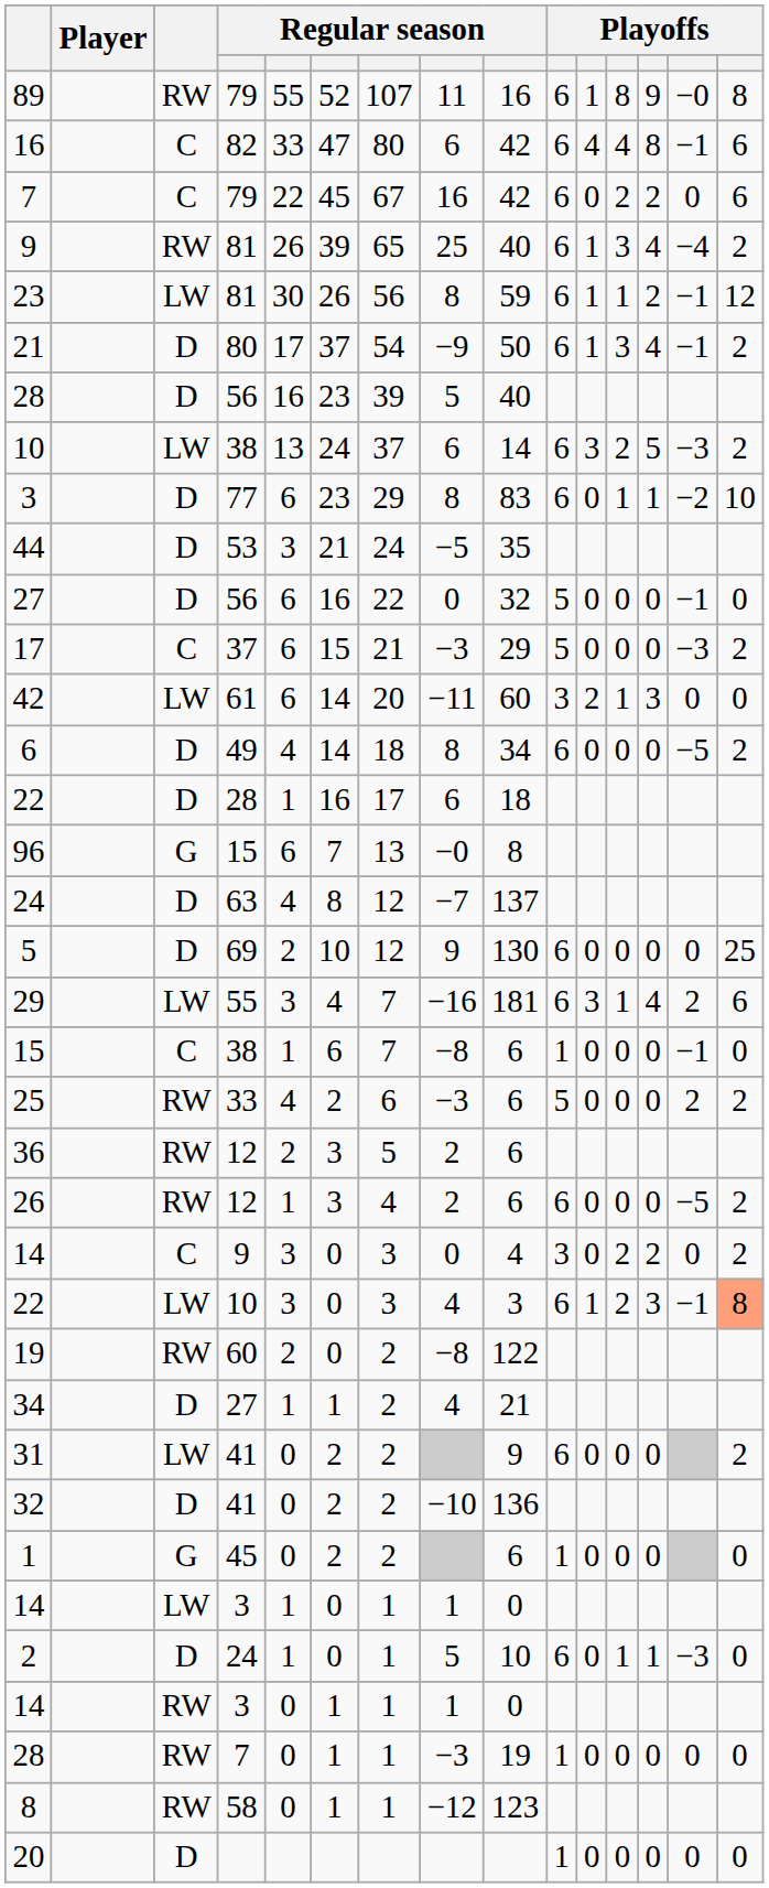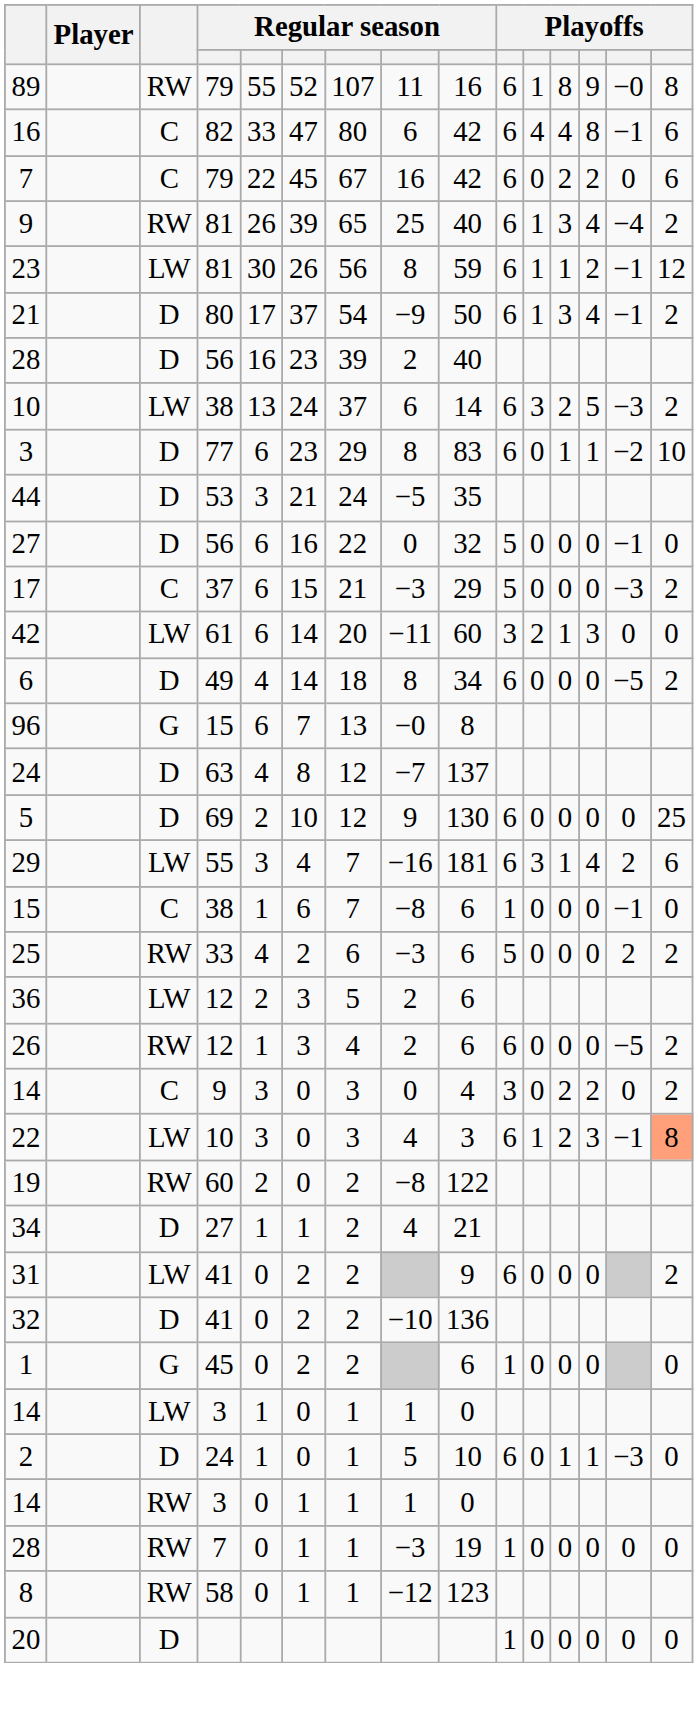 <table class="wikitable sortable plainrowheaders" style="text-align:center;">
 <tr>
 <th scope="col" data-sort-type="number" rowspan="2"></th>
 <th scope="col" rowspan="2">Player</th>
 <th scope="col" rowspan="2"></th>
 <th scope=colgroup colspan=6>Regular season</th>
 <th scope=colgroup colspan=6>Playoffs</th>
 </tr>
 <tr>
 <th scope="col" data-sort-type="number"></th>
 <th scope="col" data-sort-type="number"></th>
 <th scope="col" data-sort-type="number"></th>
 <th scope="col" data-sort-type="number"></th>
 <th scope="col" data-sort-type="number"></th>
 <th scope="col" data-sort-type="number"></th>
 <th scope="col" data-sort-type="number"></th>
 <th scope="col" data-sort-type="number"></th>
 <th scope="col" data-sort-type="number"></th>
 <th scope="col" data-sort-type="number"></th>
 <th scope="col" data-sort-type="number"></th>
 <th scope="col" data-sort-type="number"></th>
 </tr>
 <tr>
 <td scope="row">89</td>
 <td align="left"></td>
 <td>RW</td>
 <td>79</td>
 <td>55</td>
 <td>52</td>
 <td>107</td>
 <td>11</td>
 <td>16</td>
 <td>6</td>
 <td>1</td>
 <td>8</td>
 <td>9</td>
 <td>−0</td>
 <td>8</td>
 </tr>
 <tr>
 <td scope="row">16</td>
 <td align="left"></td>
 <td>C</td>
 <td>82</td>
 <td>33</td>
 <td>47</td>
 <td>80</td>
 <td>6</td>
 <td>42</td>
 <td>6</td>
 <td>4</td>
 <td>4</td>
 <td>8</td>
 <td>−1</td>
 <td>6</td>
 </tr>
 <tr>
 <td scope="row">7</td>
 <td align="left"></td>
 <td>C</td>
 <td>79</td>
 <td>22</td>
 <td>45</td>
 <td>67</td>
 <td>16</td>
 <td>42</td>
 <td>6</td>
 <td>0</td>
 <td>2</td>
 <td>2</td>
 <td>0</td>
 <td>6</td>
 </tr>
 <tr>
 <td scope="row">9</td>
 <td align="left"></td>
 <td>RW</td>
 <td>81</td>
 <td>26</td>
 <td>39</td>
 <td>65</td>
 <td>25</td>
 <td>40</td>
 <td>6</td>
 <td>1</td>
 <td>3</td>
 <td>4</td>
 <td>−4</td>
 <td>2</td>
 </tr>
 <tr>
 <td scope="row">23</td>
 <td align="left"></td>
 <td>LW</td>
 <td>81</td>
 <td>30</td>
 <td>26</td>
 <td>56</td>
 <td>8</td>
 <td>59</td>
 <td>6</td>
 <td>1</td>
 <td>1</td>
 <td>2</td>
 <td>−1</td>
 <td>12</td>
 </tr>
 <tr>
 <td scope="row">21</td>
 <td align="left"></td>
 <td>D</td>
 <td>80</td>
 <td>17</td>
 <td>37</td>
 <td>54</td>
 <td>−9</td>
 <td>50</td>
 <td>6</td>
 <td>1</td>
 <td>3</td>
 <td>4</td>
 <td>−1</td>
 <td>2</td>
 </tr>
 <tr>
 <td scope="row">28</td>
 <td align="left"></td>
 <td>D</td>
 <td>56</td>
 <td>16</td>
 <td>23</td>
 <td>39</td>
-<td>5</td>
+<td>2</td>
 <td>40</td>
 <td></td>
 <td></td>
 <td></td>
 <td></td>
 <td></td>
 <td></td>
 </tr>
 <tr>
 <td scope="row">10</td>
 <td align="left"></td>
 <td>LW</td>
 <td>38</td>
 <td>13</td>
 <td>24</td>
 <td>37</td>
 <td>6</td>
 <td>14</td>
 <td>6</td>
 <td>3</td>
 <td>2</td>
 <td>5</td>
 <td>−3</td>
 <td>2</td>
 </tr>
 <tr>
 <td scope="row">3</td>
 <td align="left"></td>
 <td>D</td>
 <td>77</td>
 <td>6</td>
 <td>23</td>
 <td>29</td>
 <td>8</td>
 <td>83</td>
 <td>6</td>
 <td>0</td>
 <td>1</td>
 <td>1</td>
 <td>−2</td>
 <td>10</td>
 </tr>
 <tr>
 <td scope="row">44</td>
 <td align="left"></td>
 <td>D</td>
 <td>53</td>
 <td>3</td>
 <td>21</td>
 <td>24</td>
 <td>−5</td>
 <td>35</td>
 <td></td>
 <td></td>
 <td></td>
 <td></td>
 <td></td>
 <td></td>
 </tr>
 <tr>
 <td scope="row">27</td>
 <td align="left"></td>
 <td>D</td>
 <td>56</td>
 <td>6</td>
 <td>16</td>
 <td>22</td>
 <td>0</td>
 <td>32</td>
 <td>5</td>
 <td>0</td>
 <td>0</td>
 <td>0</td>
 <td>−1</td>
 <td>0</td>
 </tr>
 <tr>
 <td scope="row">17</td>
 <td align="left"></td>
 <td>C</td>
 <td>37</td>
 <td>6</td>
 <td>15</td>
 <td>21</td>
 <td>−3</td>
 <td>29</td>
 <td>5</td>
 <td>0</td>
 <td>0</td>
 <td>0</td>
 <td>−3</td>
 <td>2</td>
 </tr>
 <tr>
 <td scope="row">42</td>
 <td align="left"></td>
 <td>LW</td>
 <td>61</td>
 <td>6</td>
 <td>14</td>
 <td>20</td>
 <td>−11</td>
 <td>60</td>
 <td>3</td>
 <td>2</td>
 <td>1</td>
 <td>3</td>
 <td>0</td>
 <td>0</td>
 </tr>
 <tr>
 <td scope="row">6</td>
 <td align="left"></td>
 <td>D</td>
 <td>49</td>
 <td>4</td>
 <td>14</td>
 <td>18</td>
 <td>8</td>
 <td>34</td>
 <td>6</td>
 <td>0</td>
 <td>0</td>
 <td>0</td>
 <td>−5</td>
 <td>2</td>
 </tr>
 <tr>
-<td scope="row">22</td>
-<td align="left"></td>
-<td>D</td>
-<td>28</td>
-<td>1</td>
-<td>16</td>
-<td>17</td>
-<td>6</td>
-<td>18</td>
-<td></td>
-<td></td>
-<td></td>
-<td></td>
-<td></td>
-<td></td>
-</tr>
-<tr>
 <td scope="row">96</td>
 <td align="left"></td>
 <td>G</td>
 <td>15</td>
 <td>6</td>
 <td>7</td>
 <td>13</td>
 <td>−0</td>
 <td>8</td>
 <td></td>
 <td></td>
 <td></td>
 <td></td>
 <td></td>
 <td></td>
 </tr>
 <tr>
 <td scope="row">24</td>
 <td align="left"></td>
 <td>D</td>
 <td>63</td>
 <td>4</td>
 <td>8</td>
 <td>12</td>
 <td>−7</td>
 <td>137</td>
 <td></td>
 <td></td>
 <td></td>
 <td></td>
 <td></td>
 <td></td>
 </tr>
 <tr>
 <td scope="row">5</td>
 <td align="left"></td>
 <td>D</td>
 <td>69</td>
 <td>2</td>
 <td>10</td>
 <td>12</td>
 <td>9</td>
 <td>130</td>
 <td>6</td>
 <td>0</td>
 <td>0</td>
 <td>0</td>
 <td>0</td>
 <td>25</td>
 </tr>
 <tr>
 <td scope="row">29</td>
 <td align="left"></td>
 <td>LW</td>
 <td>55</td>
 <td>3</td>
 <td>4</td>
 <td>7</td>
 <td>−16</td>
 <td>181</td>
 <td>6</td>
 <td>3</td>
 <td>1</td>
 <td>4</td>
 <td>2</td>
 <td>6</td>
 </tr>
 <tr>
 <td scope="row">15</td>
 <td align="left"></td>
 <td>C</td>
 <td>38</td>
 <td>1</td>
 <td>6</td>
 <td>7</td>
 <td>−8</td>
 <td>6</td>
 <td>1</td>
 <td>0</td>
 <td>0</td>
 <td>0</td>
 <td>−1</td>
 <td>0</td>
 </tr>
 <tr>
 <td scope="row">25</td>
 <td align="left"></td>
 <td>RW</td>
 <td>33</td>
 <td>4</td>
 <td>2</td>
 <td>6</td>
 <td>−3</td>
 <td>6</td>
 <td>5</td>
 <td>0</td>
 <td>0</td>
 <td>0</td>
 <td>2</td>
 <td>2</td>
 </tr>
 <tr>
 <td scope="row">36</td>
 <td align="left"></td>
-<td>RW</td>
+<td>LW</td>
 <td>12</td>
 <td>2</td>
 <td>3</td>
 <td>5</td>
 <td>2</td>
 <td>6</td>
 <td></td>
 <td></td>
 <td></td>
 <td></td>
 <td></td>
 <td></td>
 </tr>
 <tr>
 <td scope="row">26</td>
 <td align="left"></td>
 <td>RW</td>
 <td>12</td>
 <td>1</td>
 <td>3</td>
 <td>4</td>
 <td>2</td>
 <td>6</td>
 <td>6</td>
 <td>0</td>
 <td>0</td>
 <td>0</td>
 <td>−5</td>
 <td>2</td>
 </tr>
 <tr>
 <td scope="row">14</td>
 <td align="left"></td>
 <td>C</td>
 <td>9</td>
 <td>3</td>
 <td>0</td>
 <td>3</td>
 <td>0</td>
 <td>4</td>
 <td>3</td>
 <td>0</td>
 <td>2</td>
 <td>2</td>
 <td>0</td>
 <td>2</td>
 </tr>
 <tr>
 <td scope="row">22</td>
 <td align="left"></td>
 <td>LW</td>
 <td>10</td>
 <td>3</td>
 <td>0</td>
 <td>3</td>
 <td>4</td>
 <td>3</td>
 <td>6</td>
 <td>1</td>
 <td>2</td>
 <td>3</td>
 <td>−1</td>
 <td style="background: lightsalmon;">8</td>
 </tr>
 <tr>
 <td scope="row">19</td>
 <td align="left"></td>
 <td>RW</td>
 <td>60</td>
 <td>2</td>
 <td>0</td>
 <td>2</td>
 <td>−8</td>
 <td>122</td>
 <td></td>
 <td></td>
 <td></td>
 <td></td>
 <td></td>
 <td></td>
 </tr>
 <tr>
 <td scope="row">34</td>
 <td align="left"></td>
 <td>D</td>
 <td>27</td>
 <td>1</td>
 <td>1</td>
 <td>2</td>
 <td>4</td>
 <td>21</td>
 <td></td>
 <td></td>
 <td></td>
 <td></td>
 <td></td>
 <td></td>
 </tr>
 <tr>
 <td scope="row">31</td>
 <td align="left"></td>
 <td>LW</td>
 <td>41</td>
 <td>0</td>
 <td>2</td>
 <td>2</td>
 <td style="background:#ccc"></td>
 <td>9</td>
 <td>6</td>
 <td>0</td>
 <td>0</td>
 <td>0</td>
 <td style="background:#ccc"></td>
 <td>2</td>
 </tr>
 <tr>
 <td scope="row">32</td>
 <td align="left"></td>
 <td>D</td>
 <td>41</td>
 <td>0</td>
 <td>2</td>
 <td>2</td>
 <td>−10</td>
 <td>136</td>
 <td></td>
 <td></td>
 <td></td>
 <td></td>
 <td></td>
 <td></td>
 </tr>
 <tr>
 <td scope="row">1</td>
 <td align="left"></td>
 <td>G</td>
 <td>45</td>
 <td>0</td>
 <td>2</td>
 <td>2</td>
 <td style="background:#ccc"></td>
 <td>6</td>
 <td>1</td>
 <td>0</td>
 <td>0</td>
 <td>0</td>
 <td style="background:#ccc"></td>
 <td>0</td>
 </tr>
 <tr>
 <td scope="row">14</td>
 <td align="left"></td>
 <td>LW</td>
 <td>3</td>
 <td>1</td>
 <td>0</td>
 <td>1</td>
 <td>1</td>
 <td>0</td>
 <td></td>
 <td></td>
 <td></td>
 <td></td>
 <td></td>
 <td></td>
 </tr>
 <tr>
 <td scope="row">2</td>
 <td align="left"></td>
 <td>D</td>
 <td>24</td>
 <td>1</td>
 <td>0</td>
 <td>1</td>
 <td>5</td>
 <td>10</td>
 <td>6</td>
 <td>0</td>
 <td>1</td>
 <td>1</td>
 <td>−3</td>
 <td>0</td>
 </tr>
 <tr>
 <td scope="row">14</td>
 <td align="left"></td>
 <td>RW</td>
 <td>3</td>
 <td>0</td>
 <td>1</td>
 <td>1</td>
 <td>1</td>
 <td>0</td>
 <td></td>
 <td></td>
 <td></td>
 <td></td>
 <td></td>
 <td></td>
 </tr>
 <tr>
 <td scope="row">28</td>
 <td align="left"></td>
 <td>RW</td>
 <td>7</td>
 <td>0</td>
 <td>1</td>
 <td>1</td>
 <td>−3</td>
 <td>19</td>
 <td>1</td>
 <td>0</td>
 <td>0</td>
 <td>0</td>
 <td>0</td>
 <td>0</td>
 </tr>
 <tr>
 <td scope="row">8</td>
 <td align="left"></td>
 <td>RW</td>
 <td>58</td>
 <td>0</td>
 <td>1</td>
 <td>1</td>
 <td>−12</td>
 <td>123</td>
 <td></td>
 <td></td>
 <td></td>
 <td></td>
 <td></td>
 <td></td>
 </tr>
 <tr>
 <td scope="row">20</td>
 <td align="left"></td>
 <td>D</td>
 <td></td>
 <td></td>
 <td></td>
 <td></td>
 <td></td>
 <td></td>
 <td>1</td>
 <td>0</td>
 <td>0</td>
 <td>0</td>
 <td>0</td>
 <td>0</td>
 </tr>
 </table>
